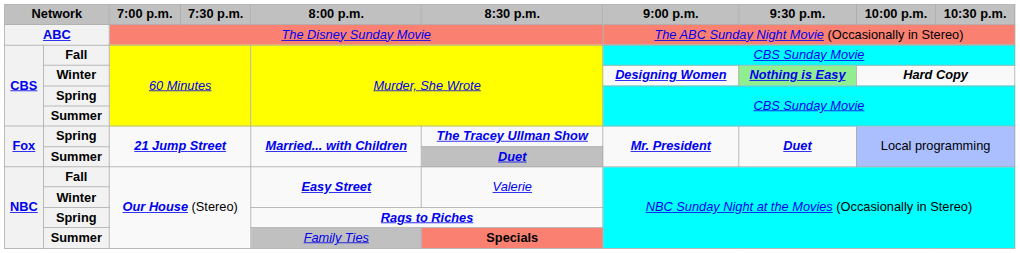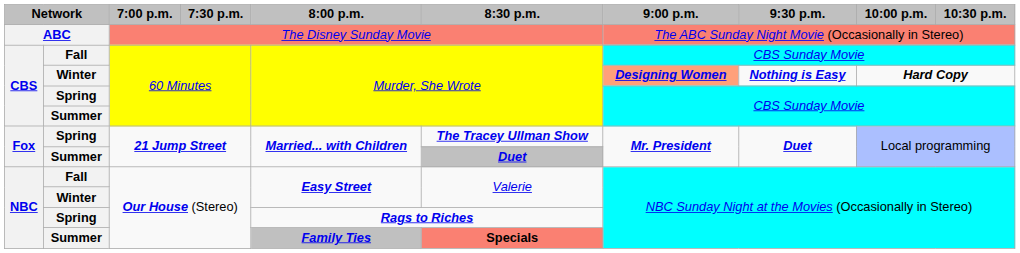 <table class="wikitable" style="width:100%;margin-right:0;text-align:center">
 <tr>
 <th colspan="2" style="background-color:#C0C0C0;text-align:center">Network</th>
 <th style="background-color:#C0C0C0;text-align:center">7:00 p.m.</th>
 <th style="background-color:#C0C0C0;text-align:center">7:30 p.m.</th>
 <th style="background-color:#C0C0C0;text-align:center">8:00 p.m.</th>
 <th style="background-color:#C0C0C0;text-align:center">8:30 p.m.</th>
 <th style="background-color:#C0C0C0;text-align:center">9:00 p.m.</th>
 <th style="background-color:#C0C0C0;text-align:center">9:30 p.m.</th>
 <th style="background-color:#C0C0C0;text-align:center">10:00 p.m.</th>
 <th style="background-color:#C0C0C0;text-align:center">10:30 p.m.</th>
 </tr>
 <tr>
 <th colspan="2"><a href='#'>ABC</a></th>
 <td colspan="4" style="background:#FA8072;"><em><a href='#'>The Disney Sunday Movie</a></em></td>
 <td colspan="4" style="background:#FA8072;"><em><a href='#'>The ABC Sunday Night Movie</a></em> (Occasionally in Stereo)</td>
 </tr>
 <tr>
 <th rowspan="4"><a href='#'>CBS</a></th>
 <th>Fall</th>
 <td style="background:#FFFF00;" rowspan="4" colspan="2"><em><a href='#'>60 Minutes</a></em> </td>
 <td style="background:#FFFF00;" rowspan="4" colspan="2"><em><a href='#'>Murder, She Wrote</a></em> </td>
 <td style="background:#00FFFF;" colspan="4"><em><a href='#'>CBS Sunday Movie</a></em> </td>
 </tr>
 <tr>
 <th>Winter</th>
-<td><strong><em><a href='#'>Designing Women</a></em></strong></td>
-<td style="background: lightgreen;"><strong><em><a href='#'>Nothing is Easy</a></em></strong></td>
+<td style="background: lightsalmon;"><strong><em><a href='#'>Designing Women</a></em></strong></td>
+<td><strong><em><a href='#'>Nothing is Easy</a></em></strong></td>
 <td colspan="2"><strong><em>Hard Copy</em></strong></td>
 </tr>
 <tr>
 <th>Spring</th>
 <td style="background:#00FFFF;" rowspan="2" colspan="4"><em><a href='#'>CBS Sunday Movie</a></em> </td>
 </tr>
 <tr>
 <th>Summer</th>
 </tr>
 <tr>
 <th rowspan="2"><a href='#'>Fox</a></th>
 <th>Spring<br></th>
 <td colspan="2" rowspan="2"><strong><em><a href='#'>21 Jump Street</a></em></strong></td>
 <td rowspan="2"><strong><em><a href='#'>Married... with Children</a></em></strong></td>
 <td><strong><em><a href='#'>The Tracey Ullman Show</a></em></strong></td>
 <td rowspan="2"><strong><em><a href='#'>Mr. President</a></em></strong></td>
 <td rowspan="2"><strong><em><a href='#'>Duet</a></em></strong></td>
 <td style="background:#abbfff;" colspan="2" rowspan="2">Local programming</td>
 </tr>
 <tr>
 <th>Summer</th>
 <td style="background:#C0C0C0;"><strong><em><a href='#'>Duet</a></em></strong> </td>
 </tr>
 <tr>
 <th rowspan="4"><a href='#'>NBC</a></th>
 <th>Fall</th>
 <td rowspan="4" colspan="2"><strong><em><a href='#'>Our House</a></em></strong> (Stereo)</td>
 <td rowspan="2"><strong><em><a href='#'>Easy Street</a></em></strong></td>
 <td rowspan="2"><em><a href='#'>Valerie</a></em></td>
 <td style="background:#00FFFF;" rowspan="4" colspan="4"><em><a href='#'>NBC Sunday Night at the Movies</a></em> (Occasionally in Stereo) </td>
 </tr>
 <tr>
 <th>Winter</th>
 </tr>
 <tr>
 <th>Spring</th>
 <td colspan="2"><strong><em><a href='#'>Rags to Riches</a></em></strong></td>
 </tr>
 <tr>
 <th>Summer</th>
-<td style="background:#C0C0C0;"><em><a href='#'>Family Ties</a></em> </td>
+<td style="background:#C0C0C0;"><strong><em><a href='#'>Family Ties</a></em> </strong></td>
 <td style="background:#FA8072;"><strong>Specials</strong></td>
 </tr>
 </table>
